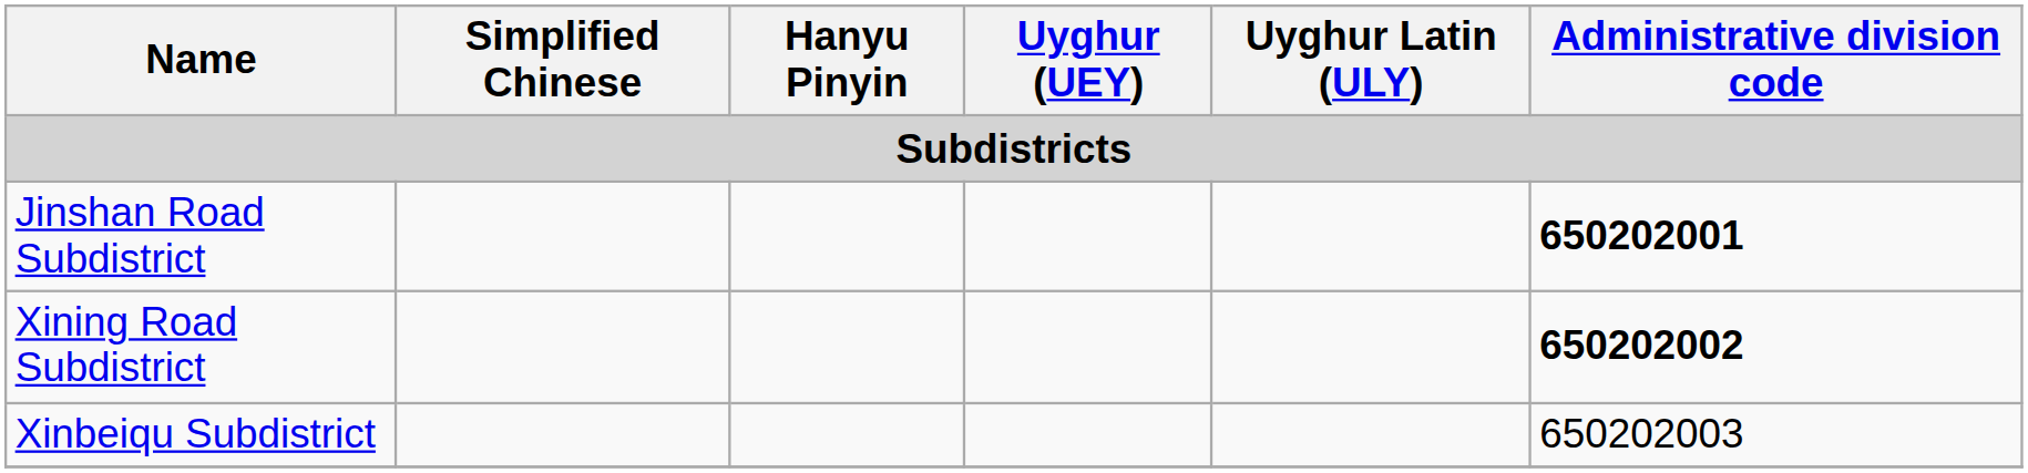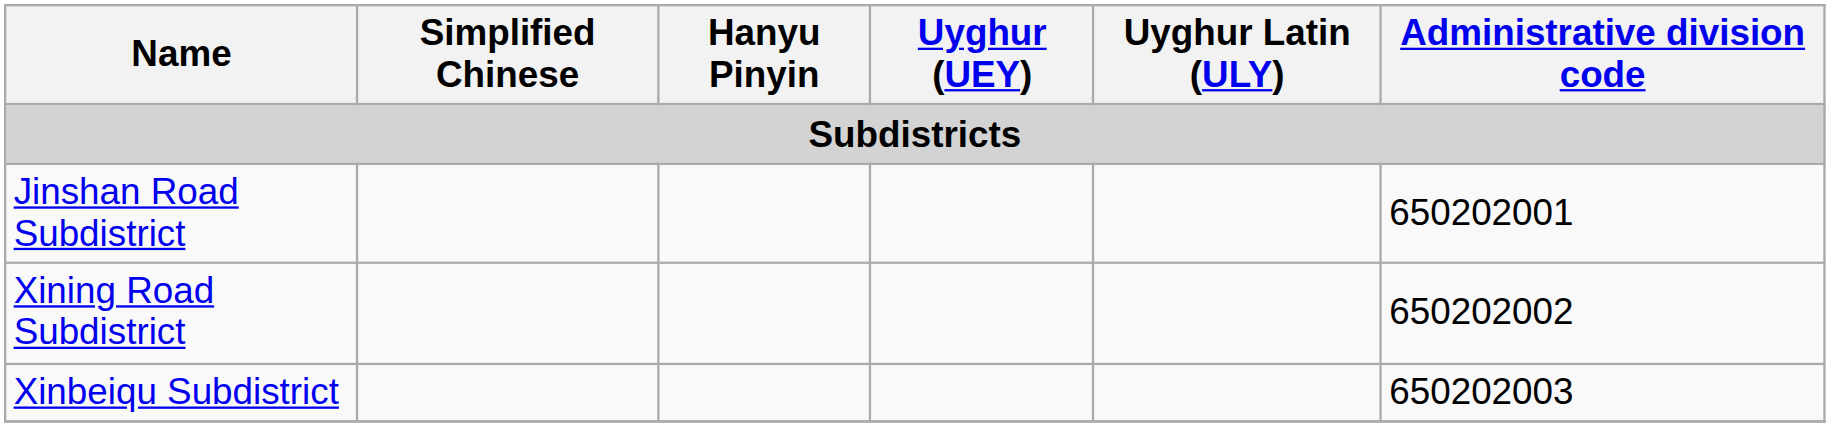 <table class="wikitable" align="center" style="width:50%; border="1">
 <tr>
 <th>Name</th>
 <th>Simplified Chinese</th>
 <th>Hanyu Pinyin</th>
 <th><a href='#'>Uyghur</a> (<a href='#'>UEY</a>)</th>
 <th>Uyghur Latin (<a href='#'>ULY</a>)</th>
 <th><a href='#'>Administrative division code</a></th>
 </tr>
 <tr>
 <td colspan="7"  style="text-align:center; background:#d3d3d3;"><strong>Subdistricts</strong></td>
 </tr>
 <tr --------->
 <td><a href='#'>Jinshan Road Subdistrict</a></td>
 <td></td>
 <td></td>
 <td></td>
 <td></td>
-<td><strong>650202001</strong></td>
+<td>650202001</td>
 </tr>
 <tr>
 <td><a href='#'>Xining Road Subdistrict</a></td>
 <td></td>
 <td></td>
 <td></td>
 <td></td>
-<td><strong>650202002</strong></td>
+<td>650202002</td>
 </tr>
 <tr>
 <td><a href='#'>Xinbeiqu Subdistrict</a></td>
 <td></td>
 <td></td>
 <td></td>
 <td></td>
 <td>650202003</td>
 </tr>
 <tr>
 </tr>
 </table>
